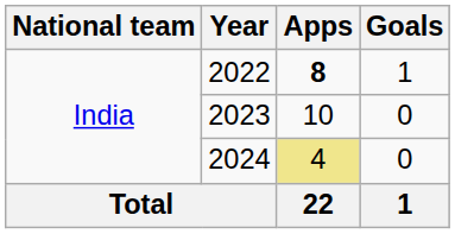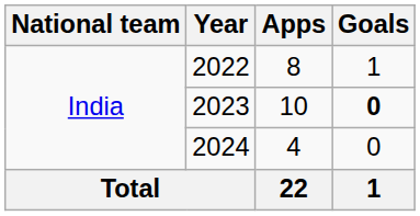 <table class="wikitable" style="text-align: center;">
 <tr>
 <th>National team</th>
 <th>Year</th>
 <th>Apps</th>
 <th>Goals</th>
 </tr>
 <tr>
 <td rowspan="3"><a href='#'>India</a></td>
 <td>2022</td>
-<td><strong>8</strong></td>
+<td>8</td>
 <td>1</td>
 </tr>
 <tr>
 <td>2023</td>
 <td>10</td>
-<td>0</td>
+<td><strong>0</strong></td>
 </tr>
 <tr>
 <td>2024</td>
-<td style="background: khaki;">4</td>
+<td>4</td>
 <td>0</td>
 </tr>
 <tr>
 <th colspan="2">Total</th>
 <th>22</th>
 <th>1</th>
 </tr>
 </table>
